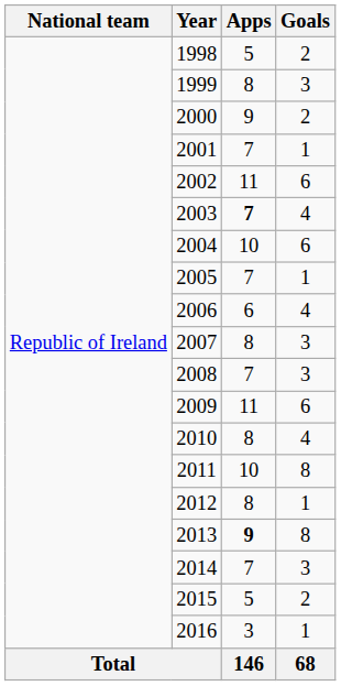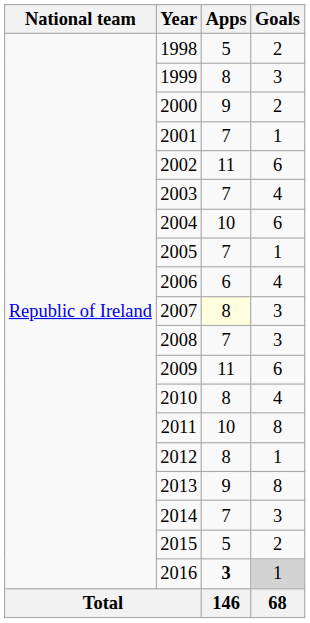 <table class="sortable wikitable" style="text-align:center">
 <tr>
 <th scope="col">National team</th>
 <th scope="col">Year</th>
 <th !scope="col">Apps</th>
 <th !scope="col">Goals</th>
 </tr>
 <tr>
 <td rowspan="19"><a href='#'>Republic of Ireland</a></td>
 <td scope="row">1998</td>
 <td>5</td>
 <td>2</td>
 </tr>
 <tr>
 <td scope="row">1999</td>
 <td>8</td>
 <td>3</td>
 </tr>
 <tr>
 <td scope="row">2000</td>
 <td>9</td>
 <td>2</td>
 </tr>
 <tr>
 <td scope="row">2001</td>
 <td>7</td>
 <td>1</td>
 </tr>
 <tr>
 <td scope="row">2002</td>
 <td>11</td>
 <td>6</td>
 </tr>
 <tr>
 <td scope="row">2003</td>
-<td><strong>7</strong></td>
+<td>7</td>
 <td>4</td>
 </tr>
 <tr>
 <td scope="row">2004</td>
 <td>10</td>
 <td>6</td>
 </tr>
 <tr>
 <td scope="row">2005</td>
 <td>7</td>
 <td>1</td>
 </tr>
 <tr>
 <td scope="row">2006</td>
 <td>6</td>
 <td>4</td>
 </tr>
 <tr>
 <td scope="row">2007</td>
-<td>8</td>
+<td style="background: lightyellow;">8</td>
 <td>3</td>
 </tr>
 <tr>
 <td scope="row">2008</td>
 <td>7</td>
 <td>3</td>
 </tr>
 <tr>
 <td scope="row">2009</td>
 <td>11</td>
 <td>6</td>
 </tr>
 <tr>
 <td scope="row">2010</td>
 <td>8</td>
 <td>4</td>
 </tr>
 <tr>
 <td scope="row">2011</td>
 <td>10</td>
 <td>8</td>
 </tr>
 <tr>
 <td scope="row">2012</td>
 <td>8</td>
 <td>1</td>
 </tr>
 <tr>
 <td scope="row">2013</td>
-<td><strong>9</strong></td>
+<td>9</td>
 <td>8</td>
 </tr>
 <tr>
 <td scope="row">2014</td>
 <td>7</td>
 <td>3</td>
 </tr>
 <tr>
 <td scope="row">2015</td>
 <td>5</td>
 <td>2</td>
 </tr>
 <tr>
 <td scope="row">2016</td>
-<td>3</td>
-<td>1</td>
+<td><strong>3</strong></td>
+<td style="background: lightgrey;">1</td>
 </tr>
 <tr>
 <th colspan="2">Total</th>
 <th>146</th>
 <th>68</th>
 </tr>
 </table>
